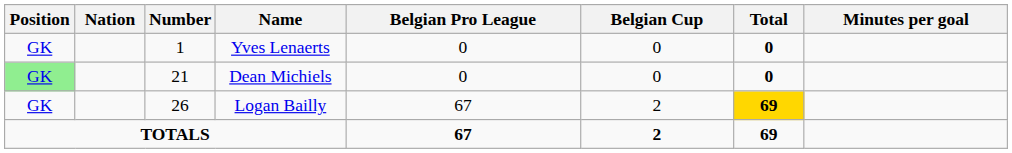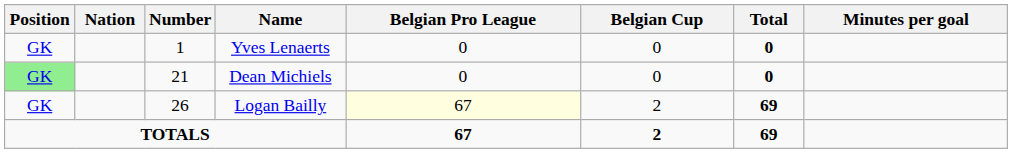 <table class="wikitable sortable" style="font-size: 95%; text-align: center;">
 <tr>
 <th width="7%"><strong>Position</strong></th>
 <th width="7%"><strong>Nation</strong></th>
 <th width="7%"><strong>Number</strong></th>
 <th width="13%"><strong>Name</strong></th>
 <th>Belgian Pro League</th>
 <th>Belgian Cup</th>
 <th>Total</th>
 <th>Minutes per goal</th>
 </tr>
 <tr>
 <td><a href='#'>GK</a></td>
 <td></td>
 <td>1</td>
 <td><a href='#'>Yves Lenaerts</a></td>
 <td>0</td>
 <td>0</td>
 <td><strong>0</strong></td>
 <td></td>
 </tr>
 <tr>
 <td style="background: lightgreen;"><a href='#'>GK</a></td>
 <td></td>
 <td>21</td>
 <td><a href='#'>Dean Michiels</a></td>
 <td>0</td>
 <td>0</td>
 <td><strong>0</strong></td>
 <td></td>
 </tr>
 <tr>
 <td><a href='#'>GK</a></td>
 <td></td>
 <td>26</td>
 <td><a href='#'>Logan Bailly</a></td>
-<td>67</td>
+<td style="background: lightyellow;">67</td>
 <td>2</td>
-<td style="background: gold;"><strong>69</strong></td>
+<td><strong>69</strong></td>
 <td></td>
 </tr>
 <tr>
 <td colspan="4"><strong>TOTALS</strong></td>
 <td><strong>67</strong></td>
 <td><strong>2</strong></td>
 <td><strong>69</strong></td>
 <td></td>
 </tr>
 </table>
